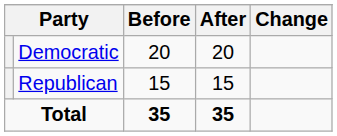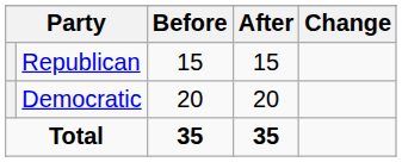 <table class="wikitable" style="text-align:center;">
 <tr>
 </tr>
 <tr>
 <th colspan=2>Party</th>
 <th>Before</th>
 <th>After</th>
 <th>Change</th>
 </tr>
 <tr>
 <th style="background-color:"></th>
-<td style="text-align:left;"><a href='#'>Democratic</a></td>
-<td>20</td>
-<td>20</td>
+<td style="text-align:left;"><a href='#'>Republican</a></td>
+<td>15</td>
+<td>15</td>
 <td></td>
 </tr>
 <tr>
 <th style="background-color:"></th>
-<td style="text-align:left;"><a href='#'>Republican</a></td>
-<td>15</td>
-<td>15</td>
+<td style="text-align:left;"><a href='#'>Democratic</a></td>
+<td>20</td>
+<td>20</td>
 <td></td>
 </tr>
 <tr>
 <td colspan=2><strong>Total</strong></td>
 <td><strong>35</strong></td>
 <td><strong>35</strong></td>
 <td></td>
 </tr>
 </table>
